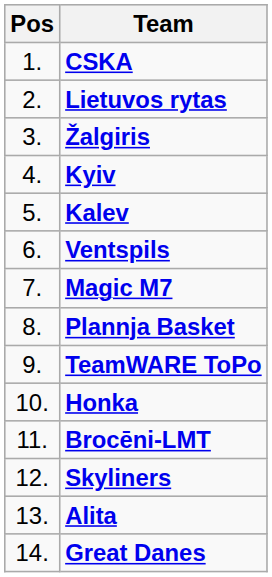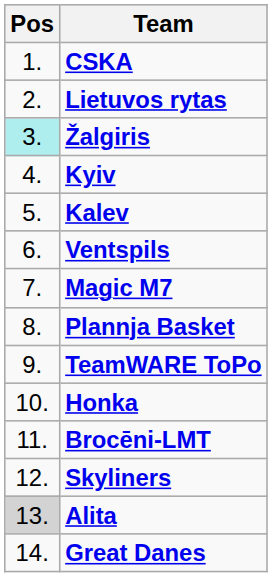 <table class="wikitable" style="text-align: center; font-size:95%">
 <tr>
 <th>Pos</th>
 <th>Team</th>
 </tr>
 <tr>
 <td>1.</td>
 <td align="left"><strong><a href='#'>CSKA</a></strong></td>
 </tr>
 <tr>
 <td>2.</td>
 <td align="left"><strong><a href='#'>Lietuvos rytas</a></strong></td>
 </tr>
 <tr>
-<td>3.</td>
+<td style="background: paleturquoise;">3.</td>
 <td align="left"><strong><a href='#'>Žalgiris</a></strong></td>
 </tr>
 <tr>
 <td>4.</td>
 <td align="left"><strong><a href='#'>Kyiv</a></strong></td>
 </tr>
 <tr>
 <td>5.</td>
 <td align="left"><strong><a href='#'>Kalev</a></strong></td>
 </tr>
 <tr>
 <td>6.</td>
 <td align="left"><strong><a href='#'>Ventspils</a></strong></td>
 </tr>
 <tr>
 <td>7.</td>
 <td align="left"><strong><a href='#'>Magic M7</a></strong></td>
 </tr>
 <tr>
 <td>8.</td>
 <td align="left"><strong><a href='#'>Plannja Basket</a></strong></td>
 </tr>
 <tr>
 <td>9.</td>
 <td align="left"><strong><a href='#'>TeamWARE ToPo</a></strong></td>
 </tr>
 <tr>
 <td>10.</td>
 <td align="left"><strong><a href='#'>Honka</a></strong></td>
 </tr>
 <tr>
 <td>11.</td>
 <td align="left"><strong><a href='#'>Brocēni-LMT</a></strong></td>
 </tr>
 <tr>
 <td>12.</td>
 <td align="left"><strong><a href='#'>Skyliners</a></strong></td>
 </tr>
 <tr>
-<td>13.</td>
+<td style="background: lightgrey;">13.</td>
 <td align="left"><strong><a href='#'>Alita</a></strong></td>
 </tr>
 <tr>
 <td>14.</td>
 <td align="left"><strong><a href='#'>Great Danes</a></strong></td>
 </tr>
 </table>
